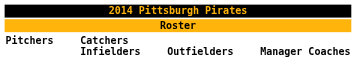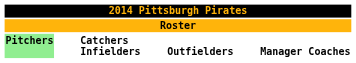 <table class="toccolours" style="font-size: 95%;">
 <tr>
 <th colspan="10" style="background:#000000; color:#FFB40B; text-align:center;">2014 Pittsburgh Pirates</th>
 </tr>
 <tr>
 <td colspan="10" style="background:#FFB40B; color:#000000; text-align:center;"><strong>Roster</strong></td>
 </tr>
 <tr>
-<td valign="top"><strong>Pitchers</strong><br>                     </td>
+<td valign="top" style="background: lightgreen;"><strong>Pitchers</strong><br>                     </td>
 <td style="width:25px;"></td>
 <td valign="top"><strong>Catchers</strong><br>   <strong>Infielders</strong>            </td>
 <td style="width:25px;"></td>
 <td valign="top"><br><strong>Outfielders</strong>        </td>
 <td style="width:25px;"></td>
 <td valign="top"><br><strong>Manager</strong>  <strong>Coaches</strong>                    </td>
 </tr>
 </table>
